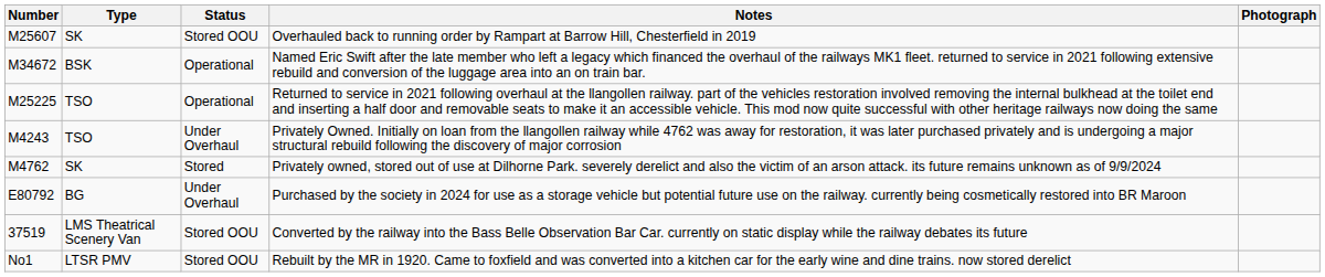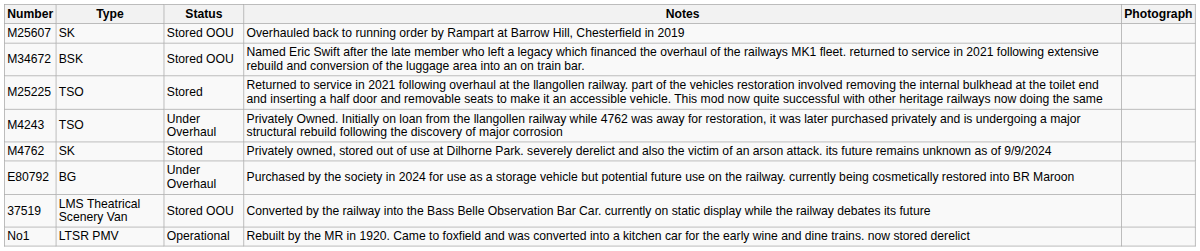 <table class="wikitable">
 <tr>
 <th>Number</th>
 <th>Type</th>
 <th>Status</th>
 <th>Notes</th>
 <th>Photograph</th>
 </tr>
 <tr>
 <td>M25607</td>
 <td>SK</td>
 <td>Stored OOU</td>
 <td>Overhauled back to running order by Rampart at Barrow Hill, Chesterfield in 2019</td>
 <td></td>
 </tr>
 <tr>
 <td>M34672</td>
 <td>BSK</td>
-<td>Operational</td>
+<td>Stored OOU</td>
 <td>Named Eric Swift after the late member who left a legacy which financed the overhaul of the railways MK1 fleet. returned to service in 2021 following extensive rebuild and conversion of the luggage area into an on train bar.</td>
 <td></td>
 </tr>
 <tr>
 <td>M25225</td>
 <td>TSO</td>
-<td>Operational</td>
+<td>Stored</td>
 <td>Returned to service in 2021 following overhaul at the llangollen railway. part of the vehicles restoration involved removing the internal bulkhead at the toilet end and inserting a half door and removable seats to make it an accessible vehicle. This mod now quite successful with other heritage railways now doing the same</td>
 <td></td>
 </tr>
 <tr>
 <td>M4243</td>
 <td>TSO</td>
 <td>Under Overhaul</td>
 <td>Privately Owned. Initially on loan from the llangollen railway while 4762 was away for restoration, it was later purchased privately and is undergoing a major structural rebuild following the discovery of major corrosion</td>
 <td></td>
 </tr>
 <tr>
 <td>M4762</td>
 <td>SK</td>
 <td>Stored</td>
 <td>Privately owned, stored out of use at Dilhorne Park. severely derelict and also the victim of an arson attack. its future remains unknown as of 9/9/2024</td>
 <td></td>
 </tr>
 <tr>
 <td>E80792</td>
 <td>BG</td>
 <td>Under Overhaul</td>
 <td>Purchased by the society in 2024 for use as a storage vehicle but potential future use on the railway. currently being cosmetically restored into BR Maroon</td>
 <td></td>
 </tr>
 <tr>
 <td>37519</td>
 <td>LMS Theatrical Scenery Van</td>
 <td>Stored OOU</td>
 <td>Converted by the railway into the Bass Belle Observation Bar Car. currently on static display while the railway debates its future</td>
 </tr>
 <tr>
 <td>No1</td>
 <td>LTSR PMV</td>
-<td>Stored OOU</td>
+<td>Operational</td>
 <td>Rebuilt by the MR in 1920. Came to foxfield and was converted into a kitchen car for the early wine and dine trains. now stored derelict</td>
 <td></td>
 </tr>
 </table>
